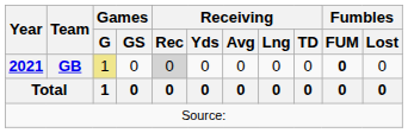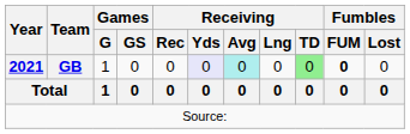 <table class="wikitable" style="text-align:center">
 <tr>
 <th rowspan="2">Year</th>
 <th rowspan="2">Team</th>
 <th colspan="2">Games</th>
 <th colspan="5">Receiving</th>
 <th colspan="2">Fumbles</th>
 </tr>
 <tr>
 <th>G</th>
 <th>GS</th>
 <th>Rec</th>
 <th>Yds</th>
 <th>Avg</th>
 <th>Lng</th>
 <th>TD</th>
 <th>FUM</th>
 <th>Lost</th>
 </tr>
 <tr>
 <th><a href='#'>2021</a></th>
 <th><a href='#'>GB</a></th>
-<td style="background: khaki;">1</td>
-<td>0</td>
-<td style="background: lightgrey;">0</td>
+<td>1</td>
 <td>0</td>
 <td>0</td>
+<td style="background: lavender;">0</td>
+<td style="background: paleturquoise;">0</td>
 <td>0</td>
-<td>0</td>
+<td style="background: lightgreen;">0</td>
 <td><strong>0</strong></td>
 <td>0</td>
 </tr>
 <tr>
 <th colspan="2">Total</th>
 <th>1</th>
 <th>0</th>
 <th>0</th>
 <th>0</th>
 <th>0</th>
 <th>0</th>
 <th>0</th>
 <th>0</th>
 <th>0</th>
 </tr>
 <tr>
 <td colspan="11"><small>Source: </small></td>
 </tr>
 </table>
